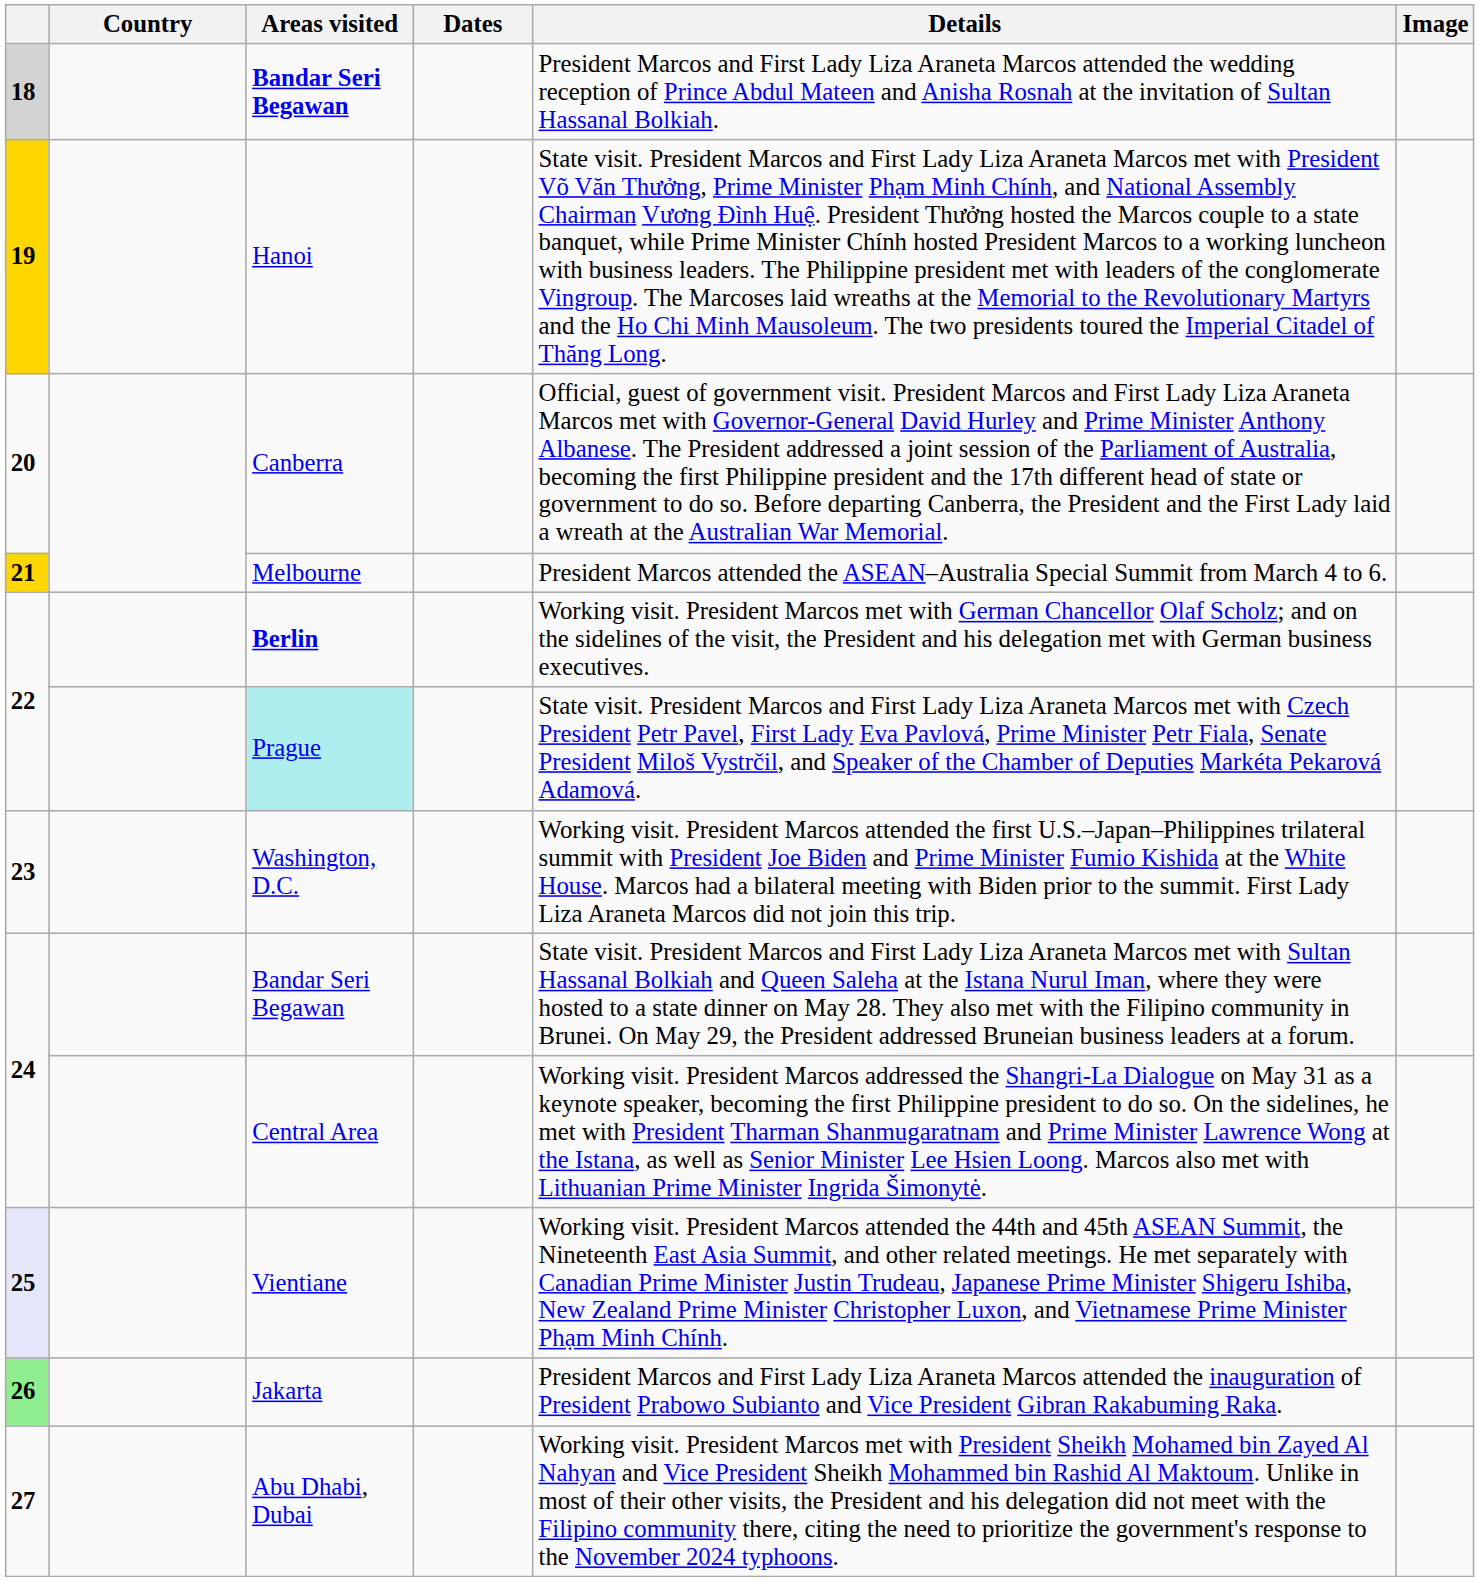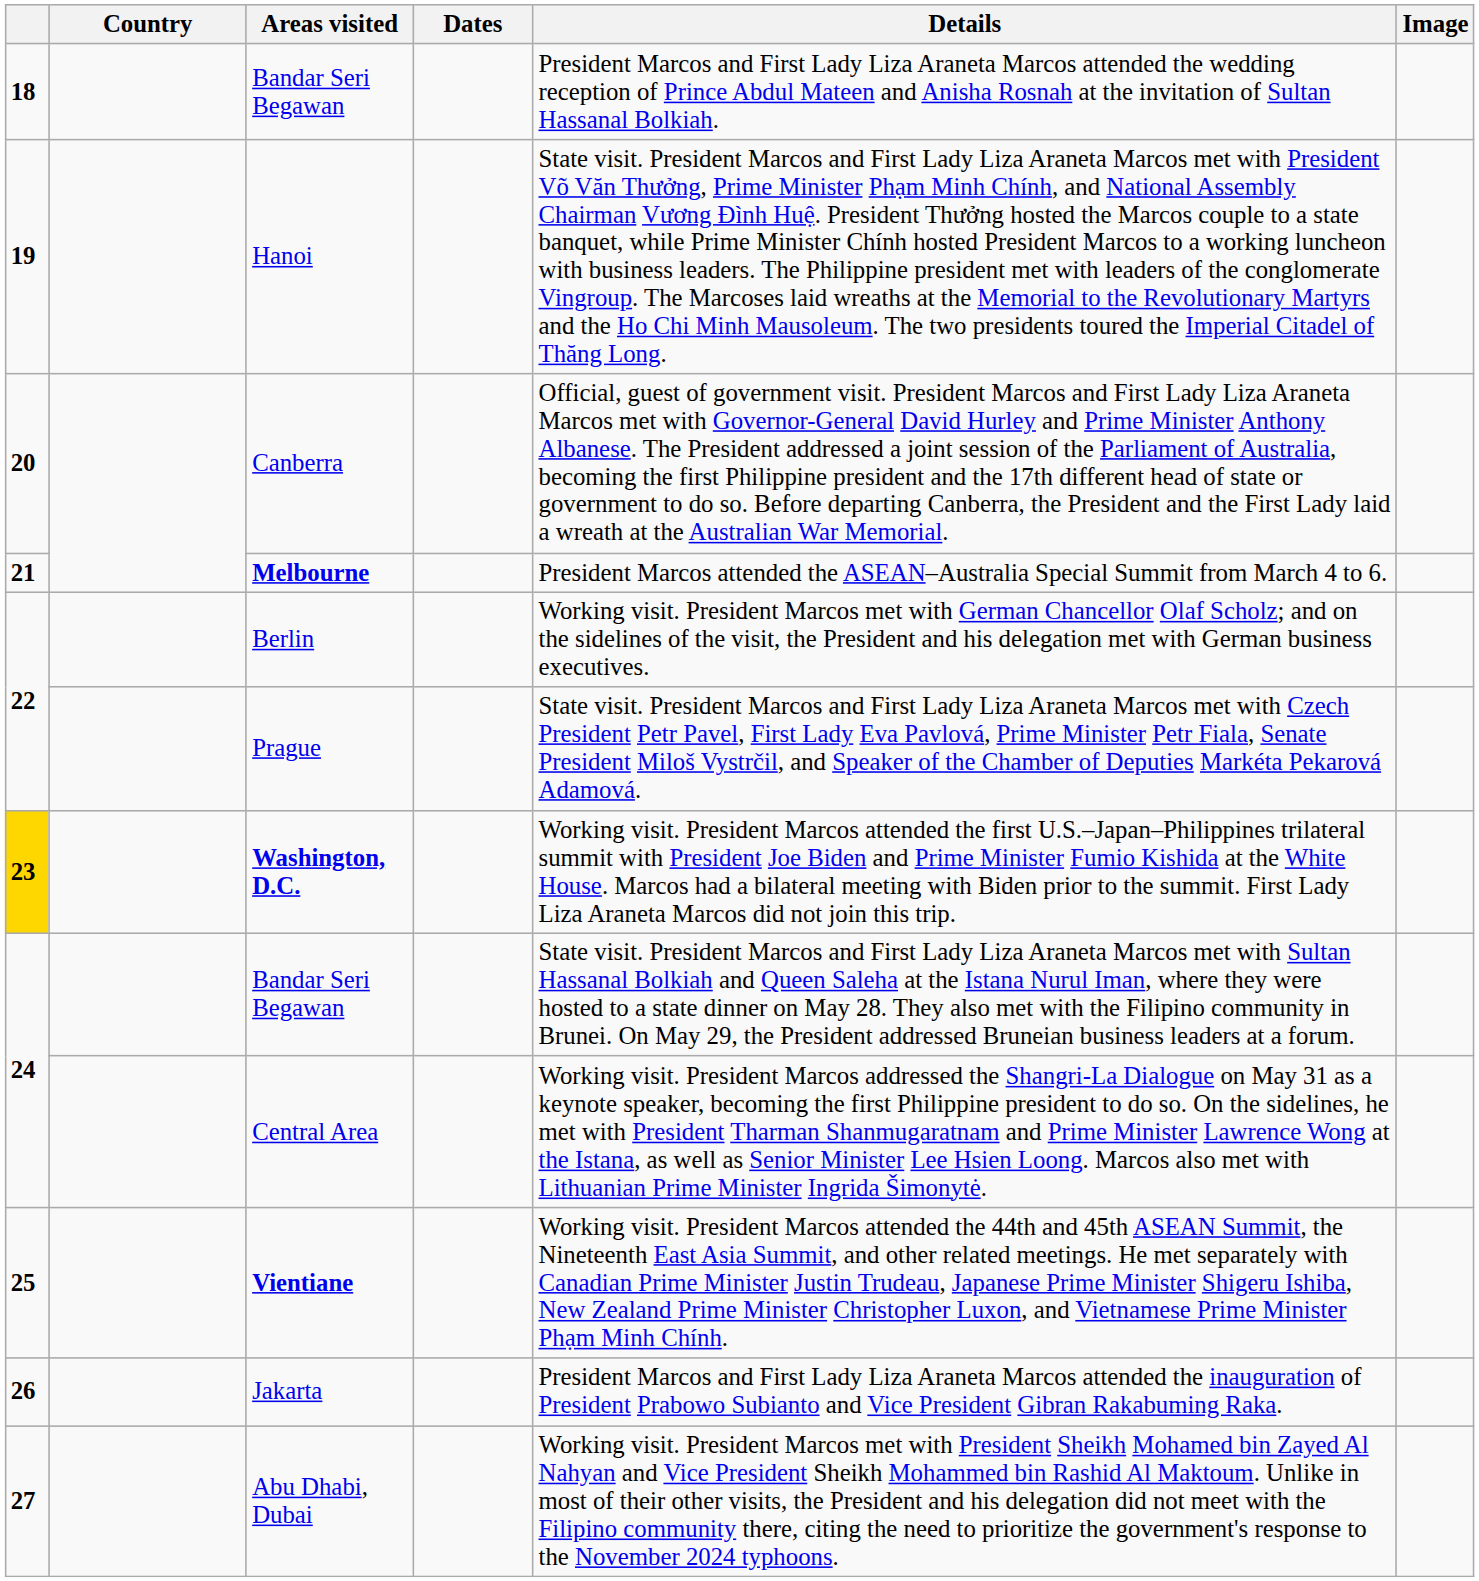 <table class="wikitable sortable" style="margin: 1em auto 1em auto">
 <tr>
 <th style="width: 3%;"></th>
 <th width=120>Country</th>
 <th width=100>Areas visited</th>
 <th width=70>Dates</th>
 <th width=550>Details</th>
 <th class="unsortable">Image</th>
 </tr>
 <tr>
-<td style="background: lightgrey;"><strong>18</strong></td>
+<td><strong>18</strong></td>
 <td></td>
-<td><strong><a href='#'>Bandar Seri Begawan</a></strong></td>
+<td><a href='#'>Bandar Seri Begawan</a></td>
 <td></td>
 <td>President Marcos and First Lady Liza Araneta Marcos attended the wedding reception of <a href='#'>Prince Abdul Mateen</a> and <a href='#'>Anisha Rosnah</a> at the invitation of <a href='#'>Sultan</a> <a href='#'>Hassanal Bolkiah</a>.</td>
 <td></td>
 </tr>
 <tr>
-<td style="background: gold;"><strong>19</strong></td>
+<td><strong>19</strong></td>
 <td></td>
 <td><a href='#'>Hanoi</a></td>
 <td></td>
 <td>State visit. President Marcos and First Lady Liza Araneta Marcos met with <a href='#'>President</a> <a href='#'>Võ Văn Thưởng</a>, <a href='#'>Prime Minister</a> <a href='#'>Phạm Minh Chính</a>, and <a href='#'>National Assembly Chairman</a> <a href='#'>Vương Đình Huệ</a>. President Thưởng hosted the Marcos couple to a state banquet, while Prime Minister Chính hosted President Marcos to a working luncheon with business leaders. The Philippine president met with leaders of the conglomerate <a href='#'>Vingroup</a>. The Marcoses laid wreaths at the <a href='#'>Memorial to the Revolutionary Martyrs</a> and the <a href='#'>Ho Chi Minh Mausoleum</a>. The two presidents toured the <a href='#'>Imperial Citadel of Thăng Long</a>.</td>
 <td></td>
 </tr>
 <tr>
 <td><strong>20</strong></td>
 <td rowspan="2"></td>
 <td><a href='#'>Canberra</a></td>
 <td></td>
 <td>Official, guest of government visit. President Marcos and First Lady Liza Araneta Marcos met with <a href='#'>Governor-General</a> <a href='#'>David Hurley</a> and <a href='#'>Prime Minister</a> <a href='#'>Anthony Albanese</a>. The President addressed a joint session of the <a href='#'>Parliament of Australia</a>, becoming the first Philippine president and the 17th different head of state or government to do so. Before departing Canberra, the President and the First Lady laid a wreath at the <a href='#'>Australian War Memorial</a>.</td>
 <td></td>
 </tr>
 <tr>
-<td style="background: gold;"><strong>21</strong></td>
-<td><a href='#'>Melbourne</a></td>
+<td><strong>21</strong></td>
+<td><strong><a href='#'>Melbourne</a></strong></td>
 <td></td>
 <td>President Marcos attended the <a href='#'>ASEAN</a>–Australia Special Summit from March 4 to 6.</td>
 <td></td>
 </tr>
 <tr>
 <td rowspan="2"><strong>22</strong></td>
 <td></td>
-<td><strong><a href='#'>Berlin</a></strong></td>
+<td><a href='#'>Berlin</a></td>
 <td></td>
 <td>Working visit. President Marcos met with <a href='#'>German Chancellor</a> <a href='#'>Olaf Scholz</a>; and on the sidelines of the visit, the President and his delegation met with German business executives.</td>
 <td></td>
 </tr>
 <tr>
 <td></td>
-<td style="background: paleturquoise;"><a href='#'>Prague</a></td>
+<td><a href='#'>Prague</a></td>
 <td></td>
 <td>State visit. President Marcos and First Lady Liza Araneta Marcos met with <a href='#'>Czech President</a> <a href='#'>Petr Pavel</a>, <a href='#'>First Lady</a> <a href='#'>Eva Pavlová</a>, <a href='#'>Prime Minister</a> <a href='#'>Petr Fiala</a>, <a href='#'>Senate President</a> <a href='#'>Miloš Vystrčil</a>, and <a href='#'>Speaker of the Chamber of Deputies</a> <a href='#'>Markéta Pekarová Adamová</a>.</td>
 <td></td>
 </tr>
 <tr>
-<td><strong>23</strong></td>
+<td style="background: gold;"><strong>23</strong></td>
 <td></td>
-<td><a href='#'>Washington, D.C.</a></td>
+<td><strong><a href='#'>Washington, D.C.</a></strong></td>
 <td></td>
 <td>Working visit. President Marcos attended the first U.S.–Japan–Philippines trilateral summit with <a href='#'>President</a> <a href='#'>Joe Biden</a> and <a href='#'>Prime Minister</a> <a href='#'>Fumio Kishida</a> at the <a href='#'>White House</a>. Marcos had a bilateral meeting with Biden prior to the summit. First Lady Liza Araneta Marcos did not join this trip.</td>
 <td></td>
 </tr>
 <tr>
 <td rowspan="2"><strong>24</strong></td>
 <td></td>
 <td><a href='#'>Bandar Seri Begawan</a></td>
 <td></td>
 <td>State visit. President Marcos and First Lady Liza Araneta Marcos met with <a href='#'>Sultan</a> <a href='#'>Hassanal Bolkiah</a> and <a href='#'>Queen Saleha</a> at the <a href='#'>Istana Nurul Iman</a>, where they were hosted to a state dinner on May 28. They also met with the Filipino community in Brunei. On May 29, the President addressed Bruneian business leaders at a forum.</td>
 <td></td>
 </tr>
 <tr>
 <td></td>
 <td><a href='#'>Central Area</a></td>
 <td></td>
 <td>Working visit. President Marcos addressed the <a href='#'>Shangri-La Dialogue</a> on May 31 as a keynote speaker, becoming the first Philippine president to do so. On the sidelines, he met with <a href='#'>President</a> <a href='#'>Tharman Shanmugaratnam</a> and <a href='#'>Prime Minister</a> <a href='#'>Lawrence Wong</a> at <a href='#'>the Istana</a>, as well as <a href='#'>Senior Minister</a> <a href='#'>Lee Hsien Loong</a>. Marcos also met with <a href='#'>Lithuanian Prime Minister</a> <a href='#'>Ingrida Šimonytė</a>.</td>
 <td></td>
 </tr>
 <tr>
-<td style="background: lavender;"><strong>25</strong></td>
+<td><strong>25</strong></td>
 <td></td>
-<td><a href='#'>Vientiane</a></td>
+<td><strong><a href='#'>Vientiane</a></strong></td>
 <td></td>
 <td>Working visit. President Marcos attended the 44th and 45th <a href='#'>ASEAN Summit</a>, the Nineteenth <a href='#'>East Asia Summit</a>, and other related meetings. He met separately with <a href='#'>Canadian Prime Minister</a> <a href='#'>Justin Trudeau</a>, <a href='#'>Japanese Prime Minister</a> <a href='#'>Shigeru Ishiba</a>, <a href='#'>New Zealand Prime Minister</a> <a href='#'>Christopher Luxon</a>, and <a href='#'>Vietnamese Prime Minister</a> <a href='#'>Phạm Minh Chính</a>.</td>
 <td></td>
 </tr>
 <tr>
-<td style="background: lightgreen;"><strong>26</strong></td>
+<td><strong>26</strong></td>
 <td></td>
 <td><a href='#'>Jakarta</a></td>
 <td></td>
 <td>President Marcos and First Lady Liza Araneta Marcos attended the <a href='#'>inauguration</a> of <a href='#'>President</a> <a href='#'>Prabowo Subianto</a> and <a href='#'>Vice President</a> <a href='#'>Gibran Rakabuming Raka</a>.</td>
 <td></td>
 </tr>
 <tr>
 <td><strong>27</strong></td>
 <td></td>
 <td><a href='#'>Abu Dhabi</a>, <a href='#'>Dubai</a></td>
 <td></td>
 <td>Working visit. President Marcos met with <a href='#'>President</a> <a href='#'>Sheikh</a> <a href='#'>Mohamed bin Zayed Al Nahyan</a> and <a href='#'>Vice President</a> Sheikh <a href='#'>Mohammed bin Rashid Al Maktoum</a>. Unlike in most of their other visits, the President and his delegation did not meet with the <a href='#'>Filipino community</a> there, citing the need to prioritize the government's response to the <a href='#'>November 2024 typhoons</a>.</td>
 <td></td>
 </tr>
 </table>
